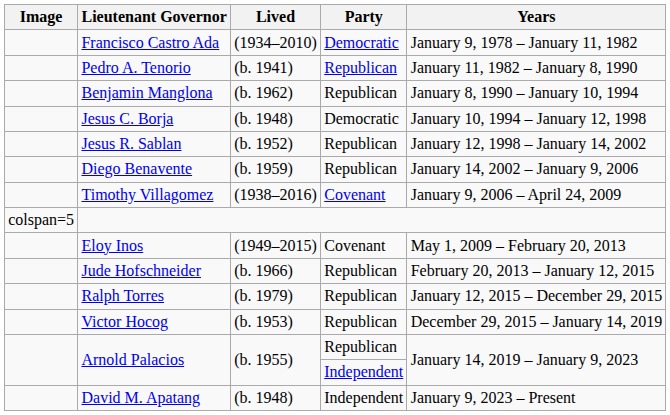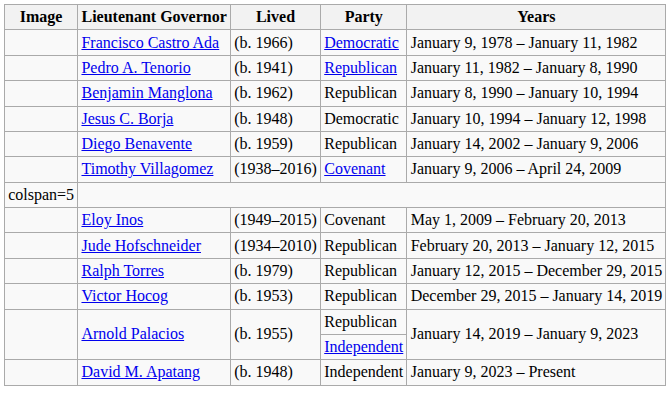 <table class="wikitable" style="text-align-center">
 <tr valign=bottom>
 <th>Image</th>
 <th>Lieutenant Governor</th>
 <th>Lived</th>
 <th>Party</th>
 <th>Years</th>
 </tr>
 <tr>
 <td></td>
 <td><a href='#'>Francisco Castro Ada</a></td>
-<td>(1934–2010)</td>
+<td>(b. 1966)</td>
 <td><a href='#'>Democratic</a></td>
 <td>January 9, 1978 – January 11, 1982</td>
 </tr>
 <tr>
 <td></td>
 <td><a href='#'>Pedro A. Tenorio</a></td>
 <td>(b. 1941)</td>
 <td><a href='#'>Republican</a></td>
 <td>January 11, 1982 – January 8, 1990</td>
 </tr>
 <tr>
 <td></td>
 <td><a href='#'>Benjamin Manglona</a></td>
 <td>(b. 1962)</td>
 <td>Republican</td>
 <td>January 8, 1990 – January 10, 1994</td>
 </tr>
 <tr>
 <td></td>
 <td><a href='#'>Jesus C. Borja</a></td>
 <td>(b. 1948)</td>
 <td>Democratic</td>
 <td>January 10, 1994 – January 12, 1998</td>
-</tr>
-<tr>
-<td></td>
-<td><a href='#'>Jesus R. Sablan</a></td>
-<td>(b. 1952)</td>
-<td>Republican</td>
-<td>January 12, 1998 – January 14, 2002</td>
 </tr>
 <tr>
 <td></td>
 <td><a href='#'>Diego Benavente</a></td>
 <td>(b. 1959)</td>
 <td>Republican</td>
 <td>January 14, 2002 – January 9, 2006</td>
 </tr>
 <tr>
 <td></td>
 <td><a href='#'>Timothy Villagomez</a></td>
 <td>(1938–2016)</td>
 <td><a href='#'>Covenant</a></td>
 <td>January 9, 2006 – April 24, 2009</td>
 </tr>
 <tr>
 <td>colspan=5 </td>
 </tr>
 <tr>
 <td></td>
 <td><a href='#'>Eloy Inos</a></td>
 <td>(1949–2015)</td>
 <td>Covenant</td>
 <td>May 1, 2009 – February 20, 2013</td>
 </tr>
 <tr>
 <td></td>
 <td><a href='#'>Jude Hofschneider</a></td>
-<td>(b. 1966)</td>
+<td>(1934–2010)</td>
 <td>Republican</td>
 <td>February 20, 2013 – January 12, 2015</td>
 </tr>
 <tr>
 <td></td>
 <td><a href='#'>Ralph Torres</a></td>
 <td>(b. 1979)</td>
 <td>Republican</td>
 <td>January 12, 2015 – December 29, 2015</td>
 </tr>
 <tr>
 <td></td>
 <td><a href='#'>Victor Hocog</a></td>
 <td>(b. 1953)</td>
 <td>Republican</td>
 <td>December 29, 2015 – January 14, 2019</td>
 </tr>
 <tr>
 <td rowspan=2></td>
 <td rowspan=2><a href='#'>Arnold Palacios</a></td>
 <td rowspan=2>(b. 1955)</td>
 <td>Republican</td>
 <td rowspan=2>January 14, 2019 – January 9, 2023</td>
 </tr>
 <tr>
 <td><a href='#'>Independent</a></td>
 </tr>
 <tr>
 <td></td>
 <td><a href='#'>David M. Apatang</a></td>
 <td>(b. 1948)</td>
 <td>Independent</td>
 <td>January 9, 2023 – Present</td>
 </tr>
 <tr>
 </tr>
 </table>
